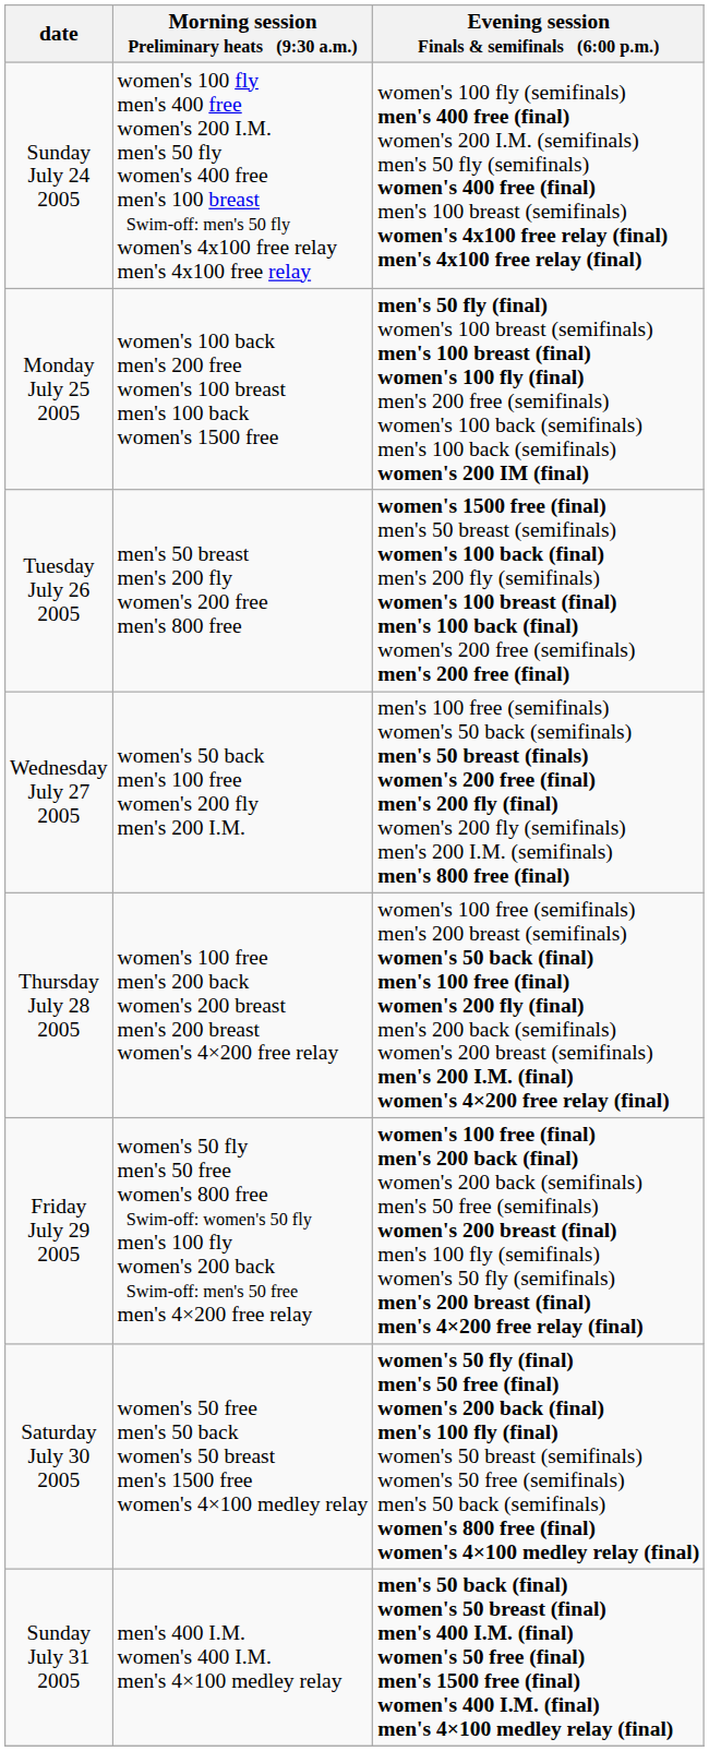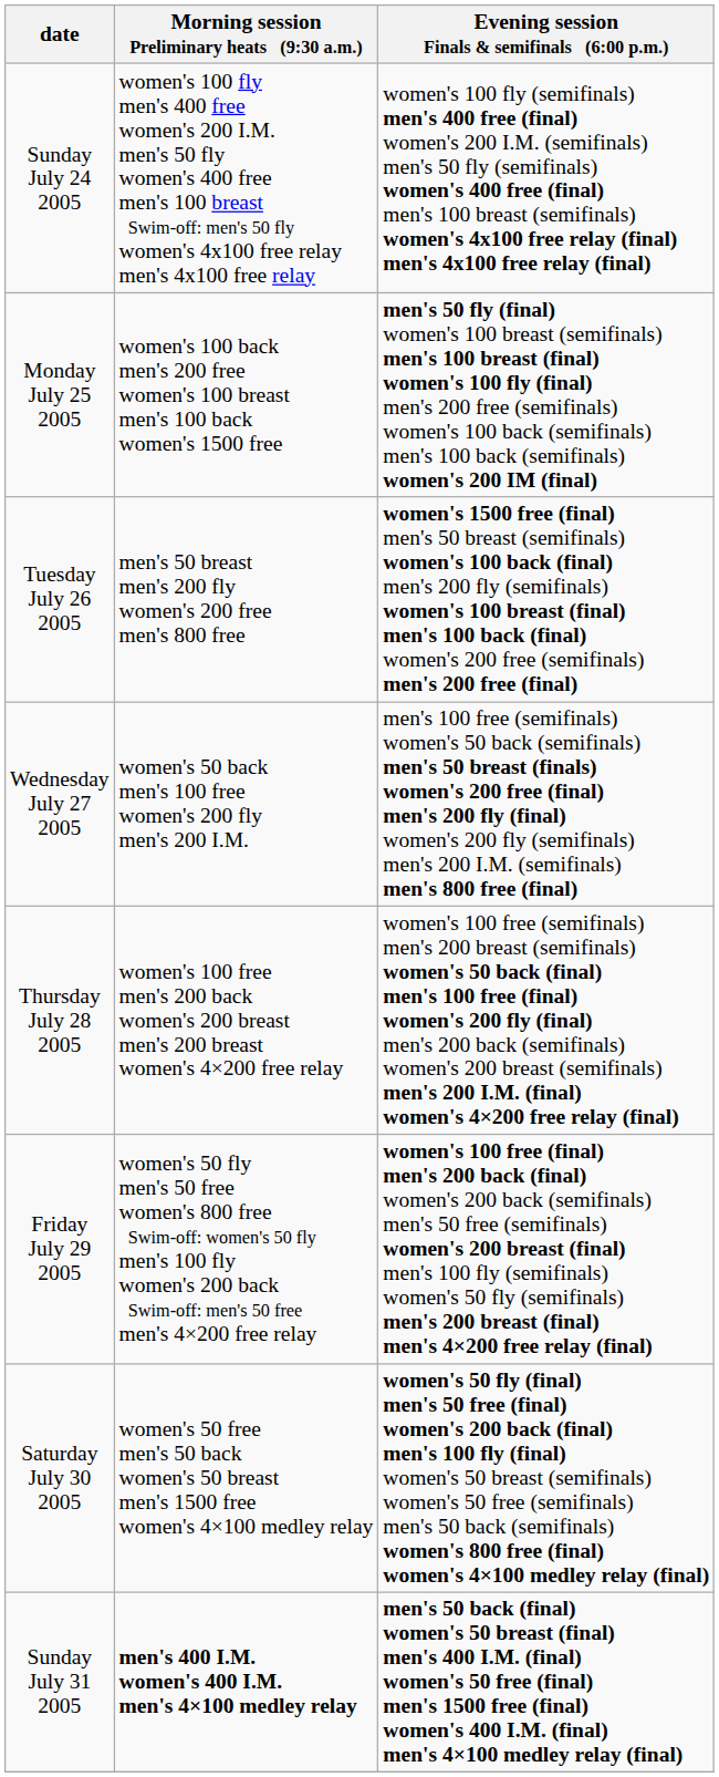 <table class=wikitable>
 <tr>
 <th>date</th>
 <th>Morning session <br> <small> Preliminary heats   (9:30 a.m.)</small></th>
 <th>Evening session <br> <small> Finals & semifinals   (6:00 p.m.) </small></th>
 </tr>
 <tr>
 <td align=center>Sunday<br>July 24<br>2005</td>
 <td>women's 100 <a href='#'>fly</a> <br> men's 400 <a href='#'>free</a> <br> women's 200 I.M. <br> men's 50 fly <br> women's 400 free <br> men's 100 <a href='#'>breast</a> <br> <small>  Swim-off: men's 50 fly</small> <br> women's 4x100 free relay <br> men's 4x100 free <a href='#'>relay</a></td>
 <td>women's 100 fly (semifinals) <br> <strong>men's 400 free (final)</strong> <br> women's 200 I.M. (semifinals) <br> men's 50 fly (semifinals) <br> <strong>women's 400 free (final)</strong> <br> men's 100 breast (semifinals) <br> <strong>women's 4x100 free relay (final)</strong> <br> <strong>men's 4x100 free relay (final)</strong></td>
 </tr>
 <tr>
 <td align=center>Monday<br>July 25<br>2005</td>
 <td>women's 100 back <br> men's 200 free <br> women's 100 breast <br> men's 100 back <br> women's 1500 free</td>
 <td><strong>men's 50 fly (final)</strong> <br> women's 100 breast (semifinals) <br> <strong>men's 100 breast (final)</strong> <br> <strong>women's 100 fly (final)</strong> <br> men's 200 free (semifinals) <br> women's 100 back (semifinals) <br> men's 100 back (semifinals) <br> <strong>women's 200 IM (final)</strong></td>
 </tr>
 <tr>
 <td align=center>Tuesday<br>July 26<br>2005</td>
 <td>men's 50 breast <br> men's 200 fly <br> women's 200 free <br> men's 800 free</td>
 <td><strong>women's 1500 free (final)</strong> <br> men's 50 breast (semifinals) <br> <strong>women's 100 back (final)</strong> <br> men's 200 fly (semifinals) <br> <strong>women's 100 breast (final)</strong> <br> <strong>men's 100 back (final)</strong> <br> women's 200 free (semifinals) <br> <strong>men's 200 free (final)</strong></td>
 </tr>
 <tr>
 <td align=center>Wednesday<br>July 27<br>2005</td>
 <td>women's 50 back <br> men's 100 free <br> women's 200 fly <br> men's 200 I.M.</td>
 <td>men's 100 free (semifinals) <br> women's 50 back (semifinals) <br> <strong>men's 50 breast (finals)</strong> <br> <strong>women's 200 free (final)</strong> <br> <strong>men's 200 fly (final)</strong> <br> women's 200 fly (semifinals) <br> men's 200 I.M. (semifinals) <br> <strong>men's 800 free (final)</strong></td>
 </tr>
 <tr>
 <td align=center>Thursday<br>July 28<br>2005</td>
 <td>women's 100 free <br> men's 200 back <br> women's 200 breast <br> men's 200 breast <br> women's 4×200 free relay</td>
 <td>women's 100 free (semifinals) <br> men's 200 breast (semifinals) <br> <strong>women's 50 back (final)</strong> <br> <strong>men's 100 free (final)</strong> <br> <strong>women's 200 fly (final)</strong> <br> men's 200 back (semifinals) <br> women's 200 breast (semifinals) <br> <strong>men's 200 I.M. (final)</strong> <br> <strong>women's 4×200 free relay (final)</strong></td>
 </tr>
 <tr>
 <td align=center>Friday<br>July 29<br>2005</td>
 <td>women's 50 fly <br> men's 50 free <br> women's 800 free <br> <small>   Swim-off: women's 50 fly </small> <br> men's 100 fly <br> women's 200 back <br> <small>   Swim-off: men's 50 free </small> <br> men's 4×200 free relay</td>
 <td><strong>women's 100 free (final)</strong> <br> <strong>men's 200 back (final)</strong> <br> women's 200 back (semifinals) <br> men's 50 free (semifinals) <br> <strong>women's 200 breast (final)</strong> <br> men's 100 fly (semifinals) <br> women's 50 fly (semifinals) <br> <strong>men's 200 breast (final)</strong> <br> <strong>men's 4×200 free relay (final)</strong></td>
 </tr>
 <tr>
 <td align=center>Saturday<br>July 30<br>2005</td>
 <td>women's 50 free <br> men's 50 back <br> women's 50 breast <br> men's 1500 free <br> women's 4×100 medley relay</td>
 <td><strong>women's 50 fly (final)</strong> <br> <strong>men's 50 free (final)</strong> <br> <strong>women's 200 back (final)</strong> <br> <strong>men's 100 fly (final)</strong> <br> women's 50 breast (semifinals) <br> women's 50 free (semifinals) <br> men's 50 back (semifinals) <br> <strong>women's 800 free (final)</strong> <br> <strong>women's 4×100 medley relay (final)</strong></td>
 </tr>
 <tr>
 <td align=center>Sunday<br>July 31<br>2005</td>
-<td>men's 400 I.M. <br> women's 400 I.M. <br> men's 4×100 medley relay</td>
+<td><strong>men's 400 I.M. <br> women's 400 I.M. <br> men's 4×100 medley relay</strong></td>
 <td><strong>men's 50 back (final) <br> women's 50 breast (final) <br> men's 400 I.M. (final) <br> women's 50 free (final) <br> men's 1500 free (final) <br> women's 400 I.M. (final) <br> men's 4×100 medley relay (final)</strong></td>
 </tr>
 <tr>
 </tr>
 </table>
